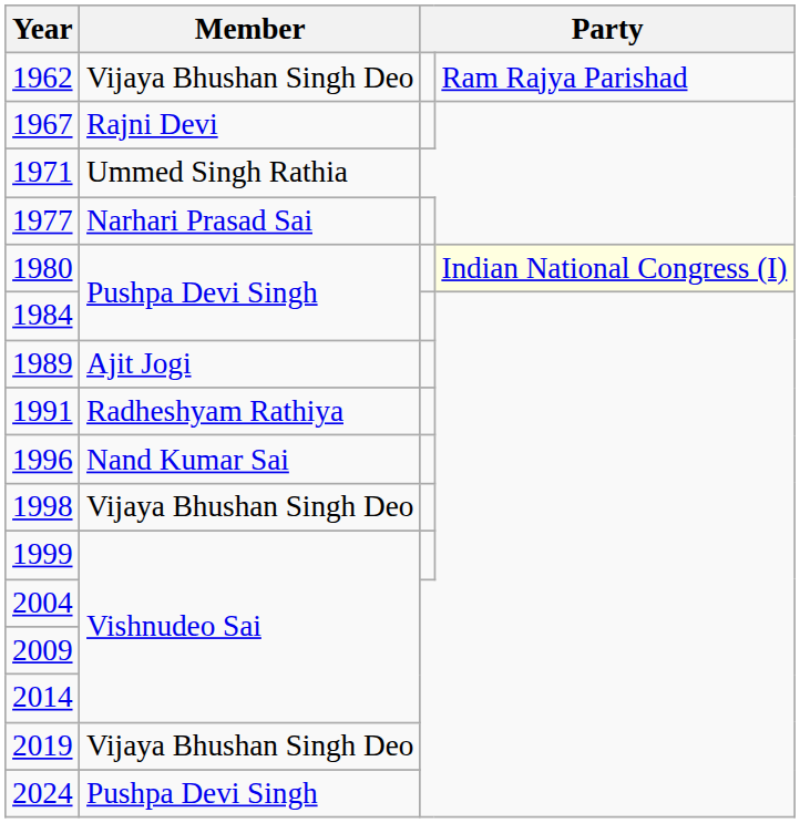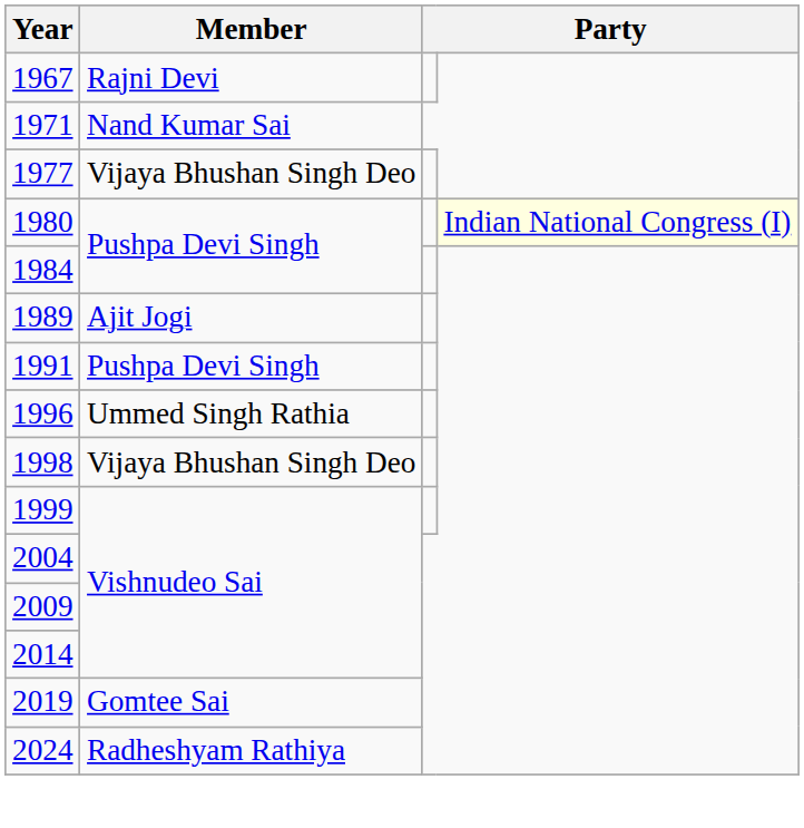 <table class="wikitable">
 <tr>
 <th>Year</th>
 <th>Member</th>
 <th colspan=2>Party</th>
-</tr>
-<tr>
-<td><a href='#'>1962</a></td>
-<td>Vijaya Bhushan Singh Deo</td>
-<td style="background-color: "></td>
-<td><a href='#'>Ram Rajya Parishad</a></td>
 </tr>
 <tr>
 <td><a href='#'>1967</a></td>
 <td><a href='#'>Rajni Devi</a></td>
 <td></td>
 </tr>
 <tr>
 <td><a href='#'>1971</a></td>
-<td>Ummed Singh Rathia</td>
+<td><a href='#'>Nand Kumar Sai</a></td>
 </tr>
 <tr>
 <td><a href='#'>1977</a></td>
-<td><a href='#'>Narhari Prasad Sai</a></td>
+<td>Vijaya Bhushan Singh Deo</td>
 <td></td>
 </tr>
 <tr>
 <td><a href='#'>1980</a></td>
 <td rowspan="2"><a href='#'>Pushpa Devi Singh</a></td>
 <td style="background-color: "></td>
 <td style="background: lightyellow;"><a href='#'>Indian National Congress (I)</a></td>
 </tr>
 <tr>
 <td><a href='#'>1984</a></td>
 <td></td>
 </tr>
 <tr>
 <td><a href='#'>1989</a></td>
 <td><a href='#'>Ajit Jogi</a></td>
 <td></td>
 </tr>
 <tr>
 <td><a href='#'>1991</a></td>
-<td><a href='#'>Radheshyam Rathiya</a></td>
+<td><a href='#'>Pushpa Devi Singh</a></td>
 <td></td>
 </tr>
 <tr>
 <td><a href='#'>1996</a></td>
-<td><a href='#'>Nand Kumar Sai</a></td>
+<td>Ummed Singh Rathia</td>
 <td></td>
 </tr>
 <tr>
 <td><a href='#'>1998</a></td>
 <td>Vijaya Bhushan Singh Deo</td>
 <td></td>
 </tr>
 <tr>
 <td><a href='#'>1999</a></td>
 <td rowspan="4"><a href='#'>Vishnudeo Sai</a></td>
 <td></td>
 </tr>
 <tr>
 <td><a href='#'>2004</a></td>
 </tr>
 <tr>
 <td><a href='#'>2009</a></td>
 </tr>
 <tr>
 <td><a href='#'>2014</a></td>
 </tr>
 <tr>
 <td><a href='#'>2019</a></td>
-<td>Vijaya Bhushan Singh Deo</td>
+<td><a href='#'>Gomtee Sai</a></td>
 </tr>
 <tr>
 <td><a href='#'>2024</a></td>
-<td><a href='#'>Pushpa Devi Singh</a></td>
+<td><a href='#'>Radheshyam Rathiya</a></td>
 </tr>
 </table>
